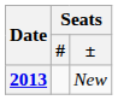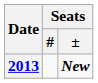 <table class="wikitable">
 <tr>
 <th rowspan="2">Date</th>
 <th colspan="2">Seats</th>
 </tr>
 <tr>
 <th>#</th>
 <th>±</th>
 </tr>
 <tr>
 <th><a href='#'>2013</a></th>
 <td></td>
-<td><em>New</em></td>
+<td><strong><em>New</em></strong></td>
 </tr>
 </table>
